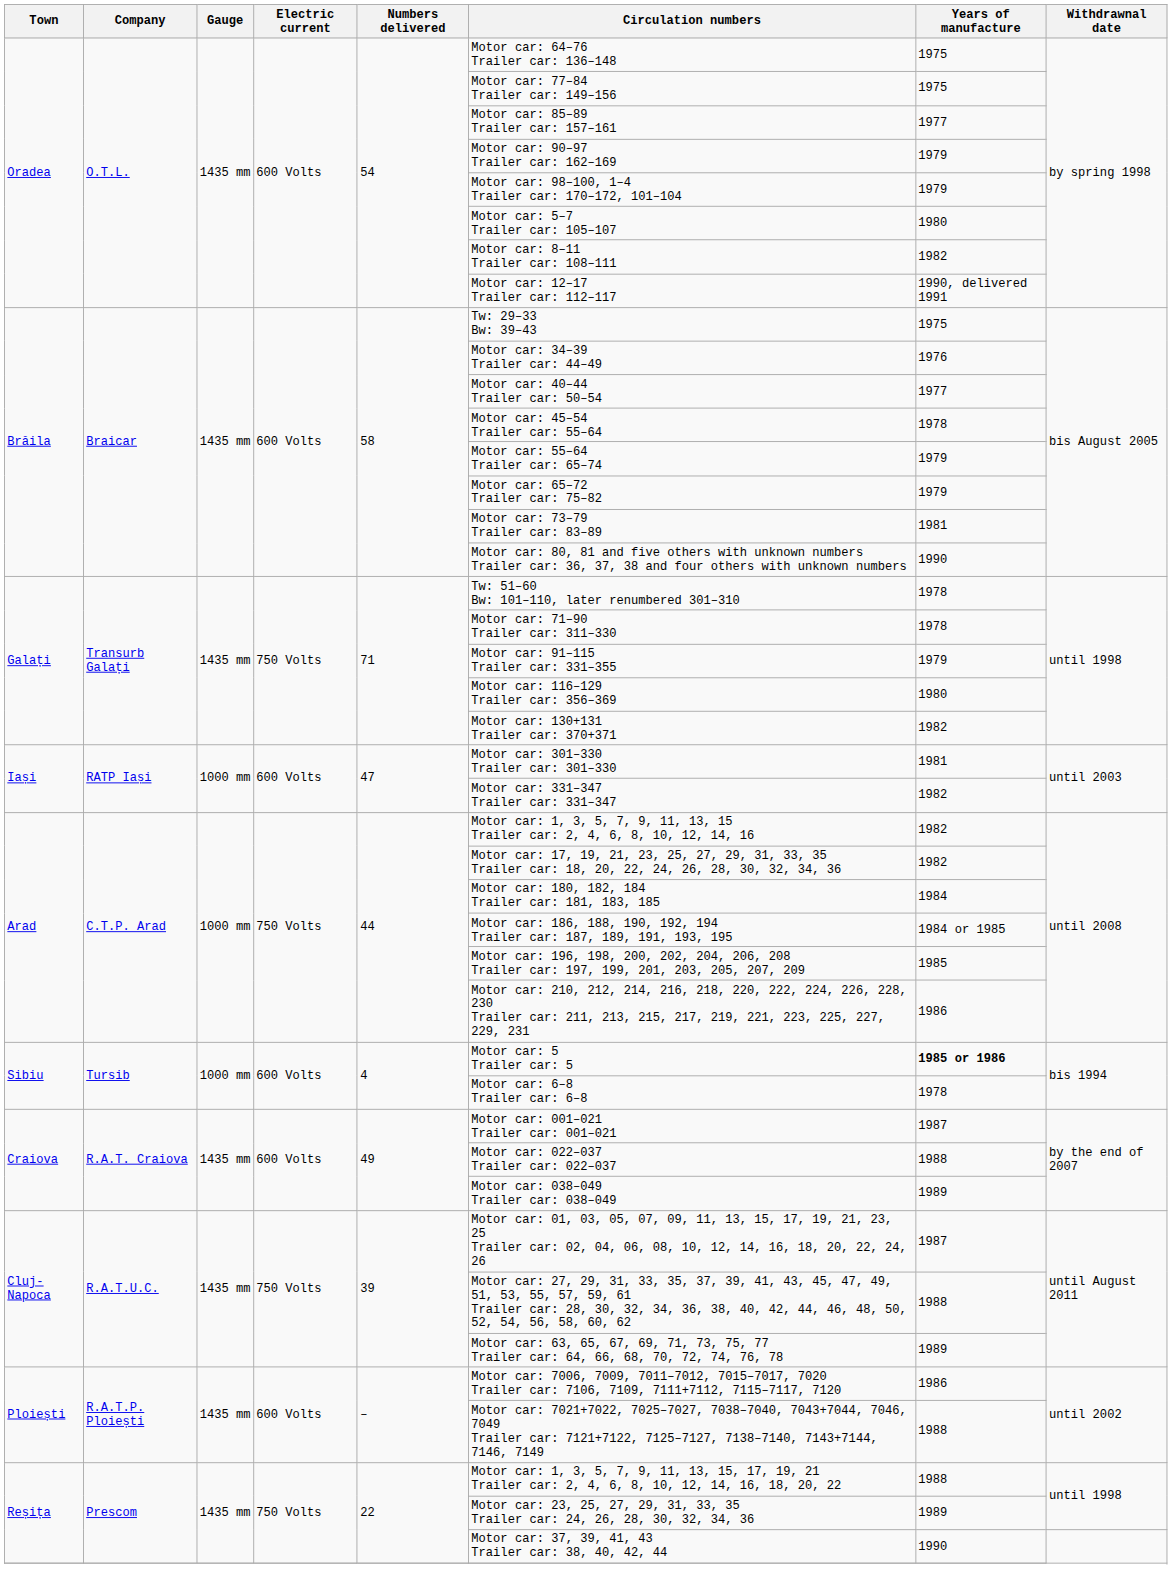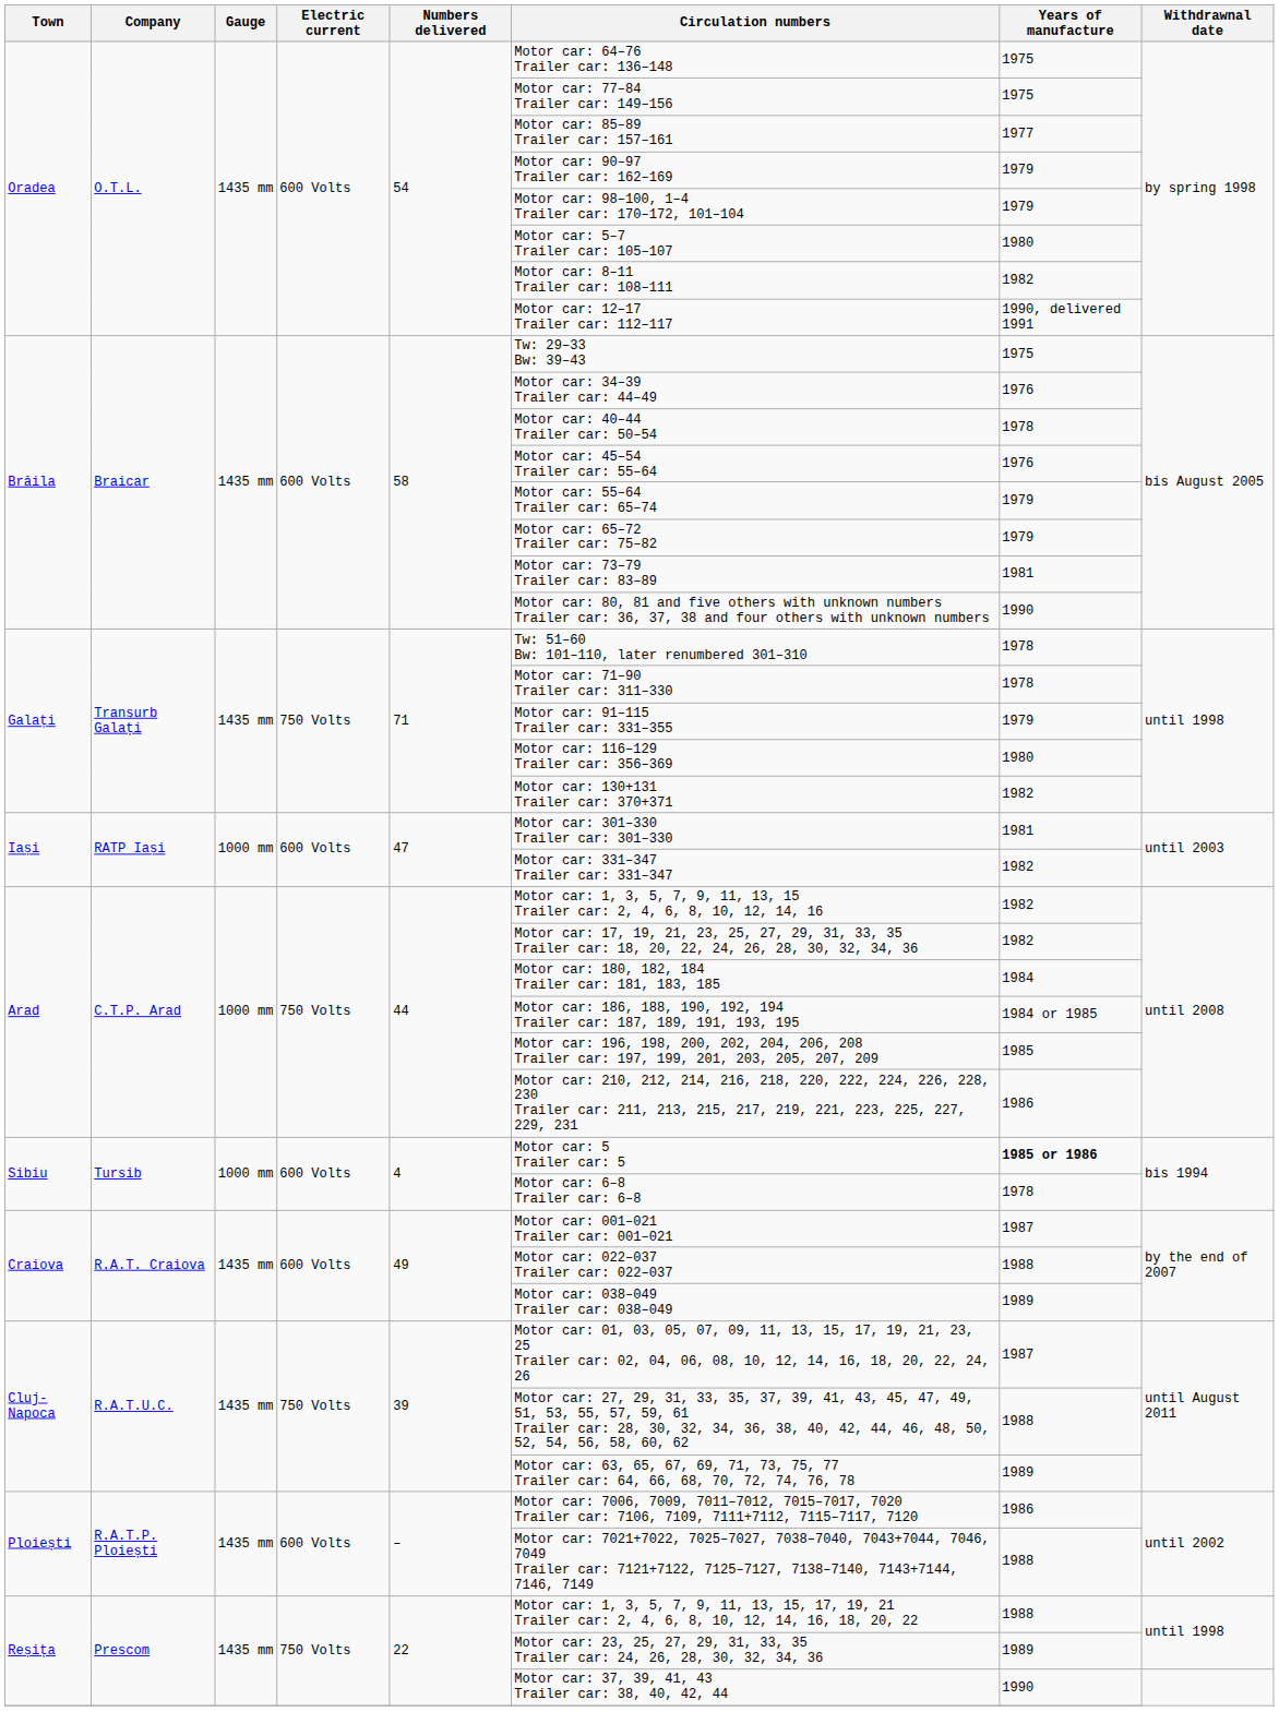 <table class="prettytable">
 <tr style="background:#E0E0E0;">
 <th>Town</th>
 <th>Company</th>
 <th>Gauge</th>
 <th>Electric current</th>
 <th>Numbers delivered</th>
 <th>Circulation numbers</th>
 <th>Years of manufacture</th>
 <th>Withdrawnal date</th>
 </tr>
 <tr>
 <td rowspan="8"><a href='#'>Oradea</a></td>
 <td rowspan="8"><a href='#'>O.T.L.</a></td>
 <td rowspan="8">1435 mm</td>
 <td rowspan="8">600 Volts</td>
 <td rowspan="8">54</td>
 <td>Motor car: 64–76<br>Trailer car: 136–148</td>
 <td>1975</td>
 <td rowspan="8">by spring 1998</td>
 </tr>
 <tr>
 <td>Motor car: 77–84<br>Trailer car: 149–156</td>
 <td>1975</td>
 </tr>
 <tr>
 <td>Motor car: 85–89<br>Trailer car: 157–161</td>
 <td>1977</td>
 </tr>
 <tr>
 <td>Motor car: 90–97<br>Trailer car: 162–169</td>
 <td>1979</td>
 </tr>
 <tr>
 <td>Motor car: 98–100, 1–4<br>Trailer car: 170–172, 101–104</td>
 <td>1979</td>
 </tr>
 <tr>
 <td>Motor car: 5–7<br>Trailer car: 105–107</td>
 <td>1980</td>
 </tr>
 <tr>
 <td>Motor car: 8–11<br>Trailer car: 108–111</td>
 <td>1982</td>
 </tr>
 <tr>
 <td>Motor car: 12–17<br>Trailer car: 112–117</td>
 <td>1990, delivered 1991</td>
 </tr>
 <tr>
 <td rowspan="8"><a href='#'>Brăila</a></td>
 <td rowspan="8"><a href='#'>Braicar</a></td>
 <td rowspan="8">1435 mm</td>
 <td rowspan="8">600 Volts</td>
 <td rowspan="8">58</td>
 <td>Tw: 29–33 <br>Bw: 39–43</td>
 <td>1975</td>
 <td rowspan="8">bis August 2005</td>
 </tr>
 <tr>
 <td>Motor car: 34–39<br>Trailer car: 44–49</td>
 <td>1976</td>
 </tr>
 <tr>
 <td>Motor car: 40–44<br>Trailer car: 50–54</td>
-<td>1977</td>
+<td>1978</td>
 </tr>
 <tr>
 <td>Motor car: 45–54<br>Trailer car: 55–64</td>
-<td>1978</td>
+<td>1976</td>
 </tr>
 <tr>
 <td>Motor car: 55–64<br>Trailer car: 65–74</td>
 <td>1979</td>
 </tr>
 <tr>
 <td>Motor car: 65–72<br>Trailer car: 75–82</td>
 <td>1979</td>
 </tr>
 <tr>
 <td>Motor car: 73–79<br>Trailer car: 83–89</td>
 <td>1981</td>
 </tr>
 <tr>
 <td>Motor car: 80, 81 and five others with unknown numbers<br>Trailer car: 36, 37, 38 and four others with unknown numbers</td>
 <td>1990</td>
 </tr>
 <tr>
 <td rowspan="5"><a href='#'>Galați</a></td>
 <td rowspan="5"><a href='#'>Transurb Galați</a></td>
 <td rowspan="5">1435 mm</td>
 <td rowspan="5">750 Volts</td>
 <td rowspan="5">71</td>
 <td>Tw: 51–60<br>Bw: 101–110, later renumbered 301–310</td>
 <td>1978</td>
 <td rowspan="5">until 1998</td>
 </tr>
 <tr>
 <td>Motor car: 71–90<br>Trailer car: 311–330</td>
 <td>1978</td>
 </tr>
 <tr>
 <td>Motor car: 91–115<br>Trailer car: 331–355</td>
 <td>1979</td>
 </tr>
 <tr>
 <td>Motor car: 116–129<br>Trailer car: 356–369</td>
 <td>1980</td>
 </tr>
 <tr>
 <td>Motor car: 130+131<br>Trailer car: 370+371</td>
 <td>1982</td>
 </tr>
 <tr>
 <td rowspan="2"><a href='#'>Iași</a></td>
 <td rowspan="2"><a href='#'>RATP Iași</a></td>
 <td rowspan="2">1000 mm</td>
 <td rowspan="2">600 Volts</td>
 <td rowspan="2">47</td>
 <td>Motor car: 301–330 <br>Trailer car: 301–330</td>
 <td>1981</td>
 <td rowspan="2">until 2003</td>
 </tr>
 <tr>
 <td>Motor car: 331–347<br>Trailer car: 331–347</td>
 <td>1982</td>
 </tr>
 <tr>
 <td rowspan="6"><a href='#'>Arad</a></td>
 <td rowspan="6"><a href='#'>C.T.P. Arad</a></td>
 <td rowspan="6">1000 mm</td>
 <td rowspan="6">750 Volts</td>
 <td rowspan="6">44</td>
 <td>Motor car: 1, 3, 5, 7, 9, 11, 13, 15<br>Trailer car: 2, 4, 6, 8, 10, 12, 14, 16</td>
 <td>1982</td>
 <td rowspan="6">until 2008</td>
 </tr>
 <tr>
 <td>Motor car: 17, 19, 21, 23, 25, 27, 29, 31, 33, 35<br>Trailer car: 18, 20, 22, 24, 26, 28, 30, 32, 34, 36</td>
 <td>1982</td>
 </tr>
 <tr>
 <td>Motor car: 180, 182, 184<br>Trailer car: 181, 183, 185</td>
 <td>1984</td>
 </tr>
 <tr>
 <td>Motor car: 186, 188, 190, 192, 194<br>Trailer car: 187, 189, 191, 193, 195</td>
 <td>1984 or 1985</td>
 </tr>
 <tr>
 <td>Motor car: 196, 198, 200, 202, 204, 206, 208<br>Trailer car: 197, 199, 201, 203, 205, 207, 209</td>
 <td>1985</td>
 </tr>
 <tr>
 <td>Motor car: 210, 212, 214, 216, 218, 220, 222, 224, 226, 228, 230<br>Trailer car: 211, 213, 215, 217, 219, 221, 223, 225, 227, 229, 231</td>
 <td>1986</td>
 </tr>
 <tr>
 <td rowspan="2"><a href='#'>Sibiu</a></td>
 <td rowspan="2"><a href='#'>Tursib</a></td>
 <td rowspan="2">1000 mm</td>
 <td rowspan="2">600 Volts</td>
 <td rowspan="2">4</td>
 <td>Motor car: 5<br>Trailer car: 5</td>
 <td><strong>1985 or 1986</strong></td>
 <td rowspan="2">bis 1994</td>
 </tr>
 <tr>
 <td>Motor car: 6–8<br>Trailer car: 6–8</td>
 <td>1978</td>
 </tr>
 <tr>
 <td rowspan="3"><a href='#'>Craiova</a></td>
 <td rowspan="3"><a href='#'>R.A.T. Craiova</a></td>
 <td rowspan="3">1435 mm</td>
 <td rowspan="3">600 Volts</td>
 <td rowspan="3">49</td>
 <td>Motor car: 001–021<br>Trailer car: 001–021</td>
 <td>1987</td>
 <td rowspan="3">by the end of 2007</td>
 </tr>
 <tr>
 <td>Motor car: 022–037<br>Trailer car: 022–037</td>
 <td>1988</td>
 </tr>
 <tr>
 <td>Motor car: 038–049<br>Trailer car: 038–049</td>
 <td>1989</td>
 </tr>
 <tr>
 <td rowspan="3"><a href='#'>Cluj-Napoca</a></td>
 <td rowspan="3"><a href='#'>R.A.T.U.C.</a></td>
 <td rowspan="3">1435 mm</td>
 <td rowspan="3">750 Volts</td>
 <td rowspan="3">39</td>
 <td>Motor car: 01, 03, 05, 07, 09, 11, 13, 15, 17, 19, 21, 23, 25<br>Trailer car: 02, 04, 06, 08, 10, 12, 14, 16, 18, 20, 22, 24, 26</td>
 <td>1987</td>
 <td rowspan="3">until August 2011</td>
 </tr>
 <tr>
 <td>Motor car: 27, 29, 31, 33, 35, 37, 39, 41, 43, 45, 47, 49, 51, 53, 55, 57, 59, 61<br>Trailer car: 28, 30, 32, 34, 36, 38, 40, 42, 44, 46, 48, 50, 52, 54, 56, 58, 60, 62</td>
 <td>1988</td>
 </tr>
 <tr>
 <td>Motor car: 63, 65, 67, 69, 71, 73, 75, 77<br>Trailer car: 64, 66, 68, 70, 72, 74, 76, 78</td>
 <td>1989</td>
 </tr>
 <tr>
 <td rowspan="2"><a href='#'>Ploiești</a></td>
 <td rowspan="2"><a href='#'>R.A.T.P. Ploiești</a></td>
 <td rowspan="2">1435 mm</td>
 <td rowspan="2">600 Volts</td>
 <td rowspan="2">–</td>
 <td>Motor car: 7006, 7009, 7011–7012, 7015–7017, 7020<br>Trailer car: 7106, 7109, 7111+7112, 7115–7117, 7120</td>
 <td>1986</td>
 <td rowspan="2">until 2002</td>
 </tr>
 <tr>
 <td>Motor car: 7021+7022, 7025–7027, 7038–7040, 7043+7044, 7046, 7049<br>Trailer car: 7121+7122, 7125–7127, 7138–7140, 7143+7144, 7146, 7149</td>
 <td>1988</td>
 </tr>
 <tr>
 <td rowspan="3"><a href='#'>Reșița</a></td>
 <td rowspan="3"><a href='#'>Prescom</a></td>
 <td rowspan="3">1435 mm</td>
 <td rowspan="3">750 Volts</td>
 <td rowspan="3">22</td>
 <td>Motor car: 1, 3, 5, 7, 9, 11, 13, 15, 17, 19, 21<br>Trailer car: 2, 4, 6, 8, 10, 12, 14, 16, 18, 20, 22</td>
 <td>1988</td>
 <td rowspan="2">until 1998</td>
 </tr>
 <tr>
 <td>Motor car: 23, 25, 27, 29, 31, 33, 35 <br>Trailer car: 24, 26, 28, 30, 32, 34, 36</td>
 <td>1989</td>
 </tr>
 <tr>
 <td>Motor car: 37, 39, 41, 43 <br>Trailer car: 38, 40, 42, 44</td>
 <td>1990</td>
 </tr>
 <tr>
 </tr>
 </table>
